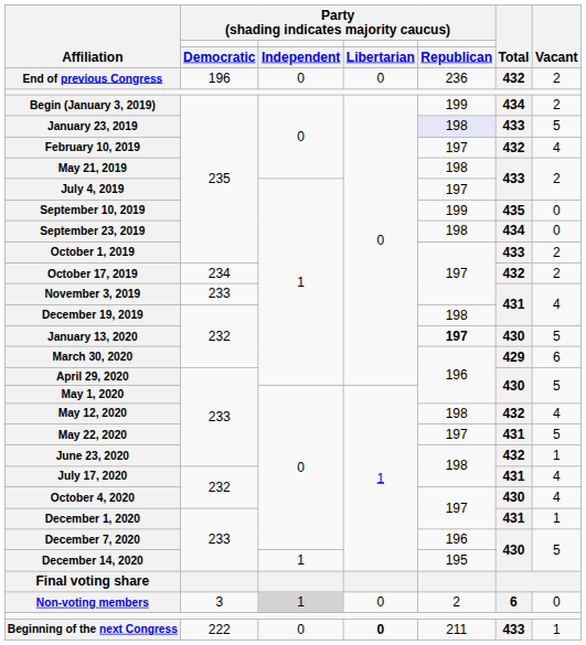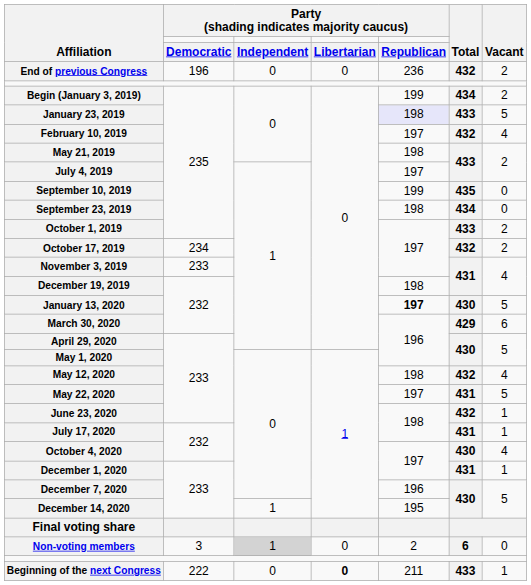 <table class=wikitable style="text-align:center">
 <tr style="vertical-align:bottom">
 <th rowspan=3>Affiliation</th>
 <th colspan=4>Party<div>(shading indicates majority caucus)</div></th>
 <th rowspan=3>Total</th>
 <th rowspan=3>Vacant</th>
 </tr>
 <tr style="height:5px">
 <td style="background-color:"></td>
 <td style="background-color:"></td>
 <td style="background-color:"></td>
 <td style="background-color:"></td>
 </tr>
 <tr>
 <th><a href='#'>Democratic</a></th>
 <th><a href='#'>Independent</a></th>
 <th><a href='#'>Libertarian</a></th>
 <th><a href='#'>Republican</a></th>
 </tr>
 <tr>
 <th style="font-size:85%">End of <a href='#'>previous Congress</a></th>
 <td>196</td>
 <td>0</td>
 <td>0</td>
 <td>236</td>
 <th>432</th>
 <td>2</td>
 </tr>
 <tr>
 <td colspan=99></td>
 </tr>
 <tr>
 <th style="font-size:85%">Begin (January 3, 2019)</th>
 <td rowspan=8 >235</td>
 <td rowspan=4>0</td>
 <td rowspan=14>0</td>
 <td>199</td>
 <th>434</th>
 <td>2</td>
 </tr>
 <tr>
 <th style="font-size:85%">January 23, 2019</th>
 <td style="background: lavender;">198</td>
 <th>433</th>
 <td>5</td>
 </tr>
 <tr>
 <th style="font-size:85%">February 10, 2019</th>
 <td>197</td>
 <th>432</th>
 <td>4</td>
 </tr>
 <tr>
 <th style="font-size:85%">May 21, 2019</th>
 <td>198</td>
 <th rowspan=2>433</th>
 <td rowspan=2>2</td>
 </tr>
 <tr>
 <th style="font-size:85%">July 4, 2019</th>
 <td rowspan=10>1</td>
 <td>197</td>
 </tr>
 <tr>
 <th style="font-size:85%">September 10, 2019</th>
 <td>199</td>
 <th>435</th>
 <td>0</td>
 </tr>
 <tr>
 <th style="font-size:85%">September 23, 2019</th>
 <td>198</td>
 <th>434</th>
 <td>0</td>
 </tr>
 <tr>
 <th style="font-size:85%">October 1, 2019</th>
 <td rowspan=3>197</td>
 <th>433</th>
 <td>2</td>
 </tr>
 <tr>
 <th style="font-size:85%">October 17, 2019</th>
 <td>234</td>
 <th>432</th>
 <td>2</td>
 </tr>
 <tr>
 <th style="font-size:85%">November 3, 2019</th>
 <td>233</td>
 <th rowspan=2>431</th>
 <td rowspan=2>4</td>
 </tr>
 <tr>
 <th style="font-size:85%">December 19, 2019</th>
 <td rowspan=3 >232</td>
 <td>198</td>
 </tr>
 <tr>
 <th style="font-size:85%">January 13, 2020</th>
 <td><strong>197</strong></td>
 <th>430</th>
 <td>5</td>
 </tr>
 <tr>
 <th style="font-size:85%">March 30, 2020</th>
 <td rowspan=3>196</td>
 <th>429</th>
 <td>6</td>
 </tr>
 <tr>
 <th style="font-size:85%">April 29, 2020</th>
 <td rowspan=5 >233</td>
 <th rowspan=2>430</th>
 <td rowspan=2>5</td>
 </tr>
 <tr>
 <th style="font-size:85%">May 1, 2020</th>
 <td rowspan=8>0</td>
 <td rowspan=9><a href='#'>1</a></td>
 </tr>
 <tr>
 <th style="font-size:85%">May 12, 2020</th>
 <td>198</td>
 <th>432</th>
 <td>4</td>
 </tr>
 <tr>
 <th style="font-size:85%">May 22, 2020</th>
 <td>197</td>
 <th>431</th>
 <td>5</td>
 </tr>
 <tr>
 <th style="font-size:85%">June 23, 2020</th>
 <td rowspan=2>198</td>
 <th>432</th>
 <td>1</td>
 </tr>
 <tr>
 <th style="font-size:85%">July 17, 2020</th>
 <td rowspan=2 >232</td>
 <th>431</th>
-<td>4</td>
+<td>1</td>
 </tr>
 <tr>
 <th style="font-size:85%">October 4, 2020</th>
 <td rowspan=2>197</td>
 <th>430</th>
 <td>4</td>
 </tr>
 <tr>
 <th style="font-size:85%">December 1, 2020</th>
 <td rowspan=3 >233</td>
 <th>431</th>
 <td>1</td>
 </tr>
 <tr>
 <th style="font-size:85%">December 7, 2020</th>
 <td>196</td>
 <th rowspan=2>430</th>
 <td rowspan=2>5</td>
 </tr>
 <tr>
 <th style="font-size:85%">December 14, 2020</th>
 <td>1</td>
 <td>195</td>
 </tr>
 <tr>
 <th>Final voting share</th>
 <th></th>
 <th></th>
 <th></th>
 <th></th>
 <th colspan=3> </th>
 </tr>
 <tr>
 <th style="font-size:85%"><a href='#'>Non-voting members</a></th>
 <td>3</td>
 <td style="background: lightgrey;">1</td>
 <td>0</td>
 <td>2</td>
 <th>6</th>
 <td>0</td>
 </tr>
 <tr>
 <td colspan=99></td>
 </tr>
 <tr>
 <th style="white-space:nowrap; font-size:85%;">Beginning of the <a href='#'>next Congress</a></th>
 <td>222</td>
 <td>0</td>
 <td><strong>0</strong></td>
 <td>211</td>
 <th>433</th>
 <td>1</td>
 </tr>
 </table>
